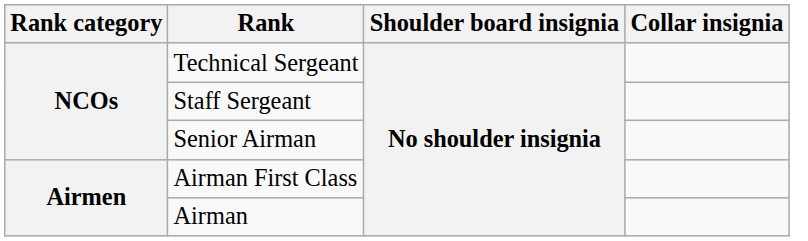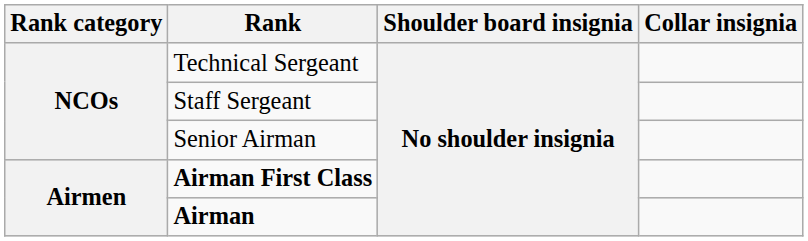 <table class="wikitable">
 <tr>
 <th>Rank category</th>
 <th>Rank</th>
 <th>Shoulder board insignia</th>
 <th>Collar insignia</th>
 </tr>
 <tr>
 <th rowspan=3>NCOs</th>
 <td>Technical Sergeant</td>
 <th rowspan=5>No shoulder insignia</th>
 <td></td>
 </tr>
 <tr>
 <td>Staff Sergeant</td>
 <td></td>
 </tr>
 <tr>
 <td>Senior Airman</td>
 <td></td>
 </tr>
 <tr>
 <th rowspan=2>Airmen</th>
-<td>Airman First Class</td>
+<td><strong>Airman First Class</strong></td>
 <td></td>
 </tr>
 <tr>
-<td>Airman</td>
+<td><strong>Airman</strong></td>
 <td></td>
 </tr>
 </table>
